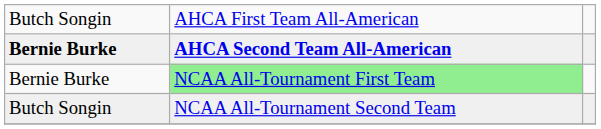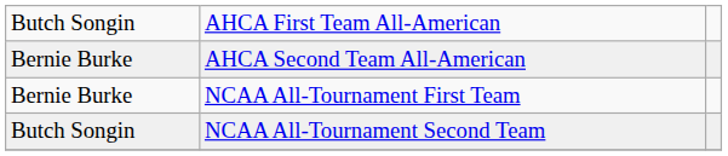 <table class="wikitable" width=40%>
 <tr>
 <td>Butch Songin</td>
 <td rowspan=1><a href='#'>AHCA First Team All-American</a></td>
 <td rowspan=1></td>
 </tr>
 <tr bgcolor=f0f0f0>
-<td><strong>Bernie Burke</strong></td>
-<td rowspan=1><strong><a href='#'>AHCA Second Team All-American</a></strong></td>
+<td>Bernie Burke</td>
+<td rowspan=1><a href='#'>AHCA Second Team All-American</a></td>
 <td rowspan=1></td>
 </tr>
 <tr>
 <td>Bernie Burke</td>
-<td rowspan=1 style="background: lightgreen;"><a href='#'>NCAA All-Tournament First Team</a></td>
+<td rowspan=1><a href='#'>NCAA All-Tournament First Team</a></td>
 <td rowspan=1></td>
 </tr>
 <tr bgcolor=f0f0f0>
 <td>Butch Songin</td>
 <td rowspan=1><a href='#'>NCAA All-Tournament Second Team</a></td>
 <td rowspan=1></td>
 </tr>
 <tr>
 </tr>
 </table>
